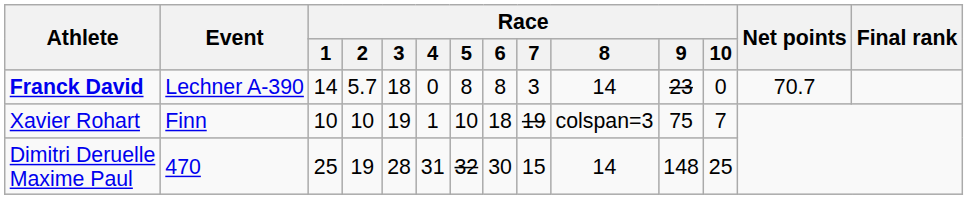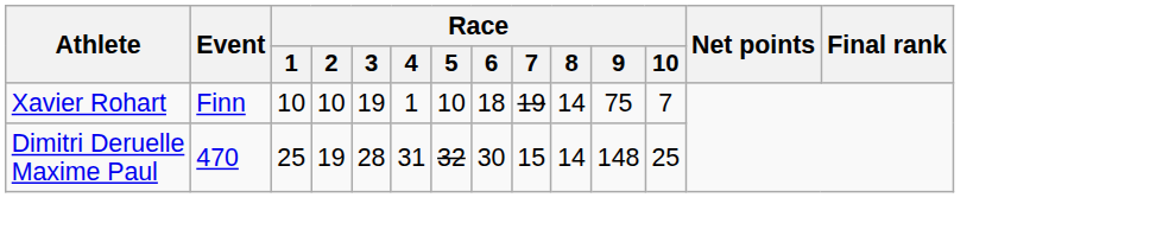 <table class="wikitable" style="font-size:90%">
 <tr>
 <th rowspan=2>Athlete</th>
 <th rowspan=2>Event</th>
 <th colspan=10>Race</th>
 <th rowspan=2>Net points</th>
 <th rowspan=2>Final rank</th>
 </tr>
 <tr style="font-size:95%">
 <th>1</th>
 <th>2</th>
 <th>3</th>
 <th>4</th>
 <th>5</th>
 <th>6</th>
 <th>7</th>
 <th>8</th>
 <th>9</th>
 <th>10</th>
 </tr>
 <tr align=center>
-<td align=left><strong><a href='#'>Franck David</a></strong></td>
-<td align=left><a href='#'>Lechner A-390</a></td>
-<td>14</td>
-<td>5.7</td>
-<td>18</td>
-<td>0</td>
-<td>8</td>
-<td>8</td>
-<td>3</td>
-<td>14</td>
-<td><s>23</s></td>
-<td>0</td>
-<td>70.7</td>
-<td></td>
-</tr>
-<tr align=center>
 <td align=left><a href='#'>Xavier Rohart</a></td>
 <td align=left><a href='#'>Finn</a></td>
 <td>10</td>
 <td>10</td>
 <td>19</td>
 <td>1</td>
 <td>10</td>
 <td>18</td>
 <td><s>19</s></td>
-<td>colspan=3</td>
+<td>14</td>
 <td>75</td>
 <td>7</td>
 </tr>
 <tr align=center>
 <td align=left><a href='#'>Dimitri Deruelle</a><br><a href='#'>Maxime Paul</a></td>
 <td align=left><a href='#'>470</a></td>
 <td>25</td>
 <td>19</td>
 <td>28</td>
 <td>31</td>
 <td><s>32</s></td>
 <td>30</td>
 <td>15</td>
 <td>14</td>
 <td>148</td>
 <td>25</td>
 </tr>
 </table>
